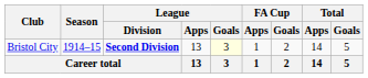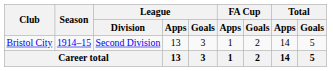 <table class="wikitable" style="text-align: center;">
 <tr>
 <th rowspan="2">Club</th>
 <th rowspan="2">Season</th>
 <th colspan="3">League</th>
 <th colspan="2">FA Cup</th>
 <th colspan="2">Total</th>
 </tr>
 <tr>
 <th>Division</th>
 <th>Apps</th>
 <th>Goals</th>
 <th>Apps</th>
 <th>Goals</th>
 <th>Apps</th>
 <th>Goals</th>
 </tr>
 <tr>
 <td><a href='#'>Bristol City</a></td>
 <td><a href='#'>1914–15</a></td>
-<td><strong><a href='#'>Second Division</a></strong></td>
+<td><a href='#'>Second Division</a></td>
 <td>13</td>
-<td style="background: lightyellow;">3</td>
+<td>3</td>
 <td>1</td>
 <td>2</td>
 <td>14</td>
 <td>5</td>
 </tr>
 <tr>
 <th colspan="3">Career total</th>
 <th>13</th>
 <th>3</th>
 <th>1</th>
 <th>2</th>
 <th>14</th>
 <th>5</th>
 </tr>
 </table>
